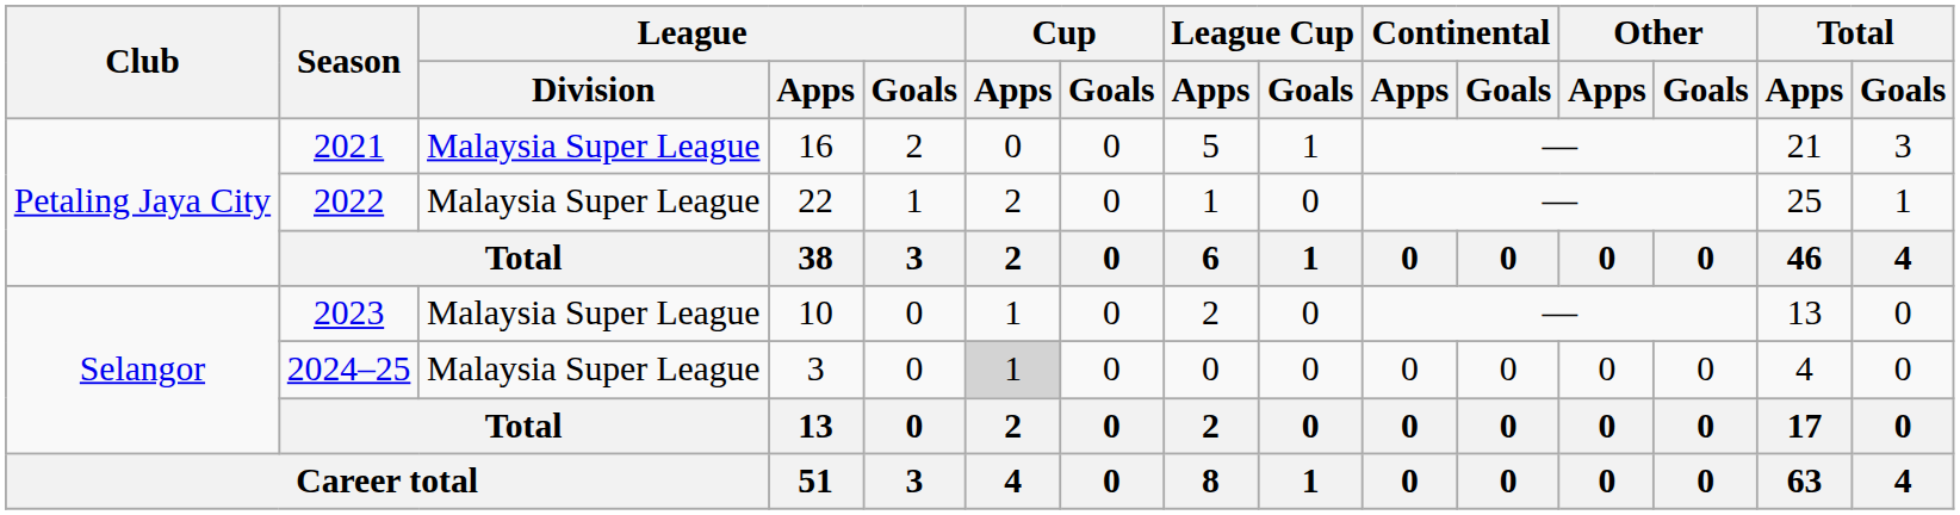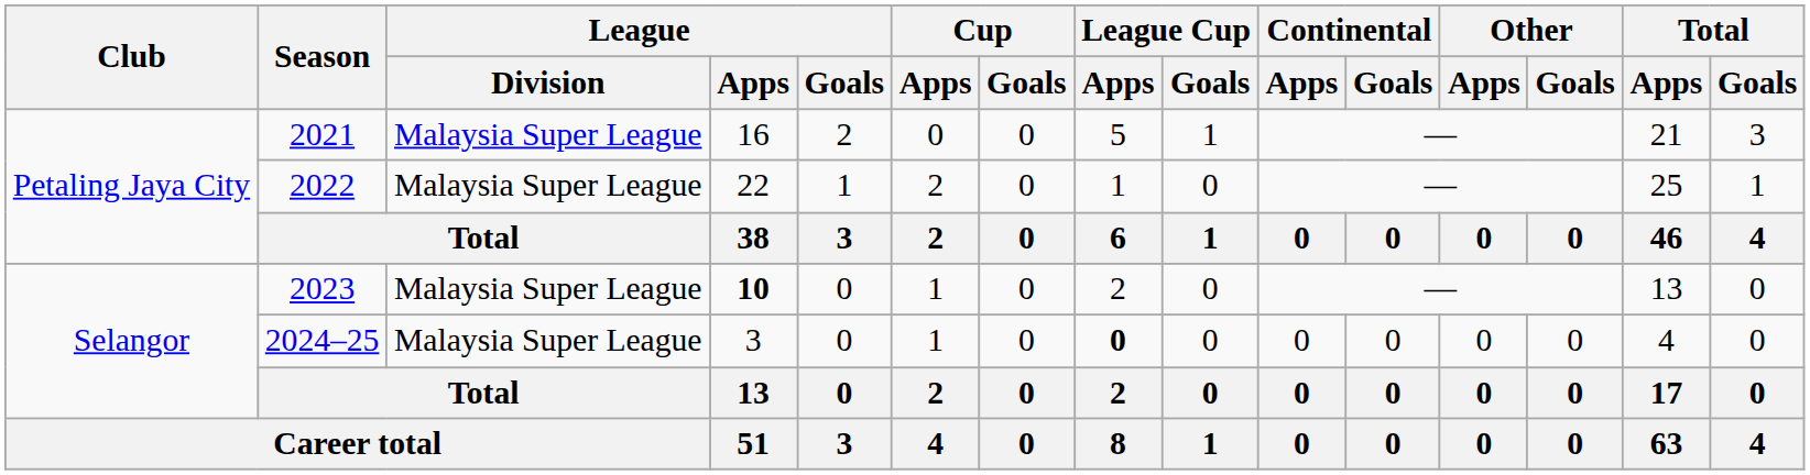 <table class="wikitable" style="text-align: center;">
 <tr>
 <th rowspan="2">Club</th>
 <th rowspan="2">Season</th>
 <th colspan="3">League</th>
 <th colspan="2">Cup</th>
 <th colspan="2">League Cup</th>
 <th colspan="2">Continental</th>
 <th colspan="2">Other</th>
 <th colspan="2">Total</th>
 </tr>
 <tr>
 <th>Division</th>
 <th>Apps</th>
 <th>Goals</th>
 <th>Apps</th>
 <th>Goals</th>
 <th>Apps</th>
 <th>Goals</th>
 <th>Apps</th>
 <th>Goals</th>
 <th>Apps</th>
 <th>Goals</th>
 <th>Apps</th>
 <th>Goals</th>
 </tr>
 <tr>
 <td rowspan="3" valign="center"><a href='#'>Petaling Jaya City</a></td>
 <td><a href='#'>2021</a></td>
 <td><a href='#'>Malaysia Super League</a></td>
 <td>16</td>
 <td>2</td>
 <td>0</td>
 <td>0</td>
 <td>5</td>
 <td>1</td>
 <td colspan=4>—</td>
 <td>21</td>
 <td>3</td>
 </tr>
 <tr>
 <td><a href='#'>2022</a></td>
 <td>Malaysia Super League</td>
 <td>22</td>
 <td>1</td>
 <td>2</td>
 <td>0</td>
 <td>1</td>
 <td>0</td>
 <td colspan=4>—</td>
 <td>25</td>
 <td>1</td>
 </tr>
 <tr>
 <th colspan="2">Total</th>
 <th>38</th>
 <th>3</th>
 <th>2</th>
 <th>0</th>
 <th>6</th>
 <th>1</th>
 <th>0</th>
 <th>0</th>
 <th>0</th>
 <th>0</th>
 <th>46</th>
 <th>4</th>
 </tr>
 <tr>
 <td rowspan="3" valign="center"><a href='#'>Selangor</a></td>
 <td><a href='#'>2023</a></td>
 <td>Malaysia Super League</td>
-<td>10</td>
+<td><strong>10</strong></td>
 <td>0</td>
 <td>1</td>
 <td>0</td>
 <td>2</td>
 <td>0</td>
 <td colspan=4>—</td>
 <td>13</td>
 <td>0</td>
 </tr>
 <tr>
 <td><a href='#'>2024–25</a></td>
 <td>Malaysia Super League</td>
 <td>3</td>
 <td>0</td>
-<td style="background: lightgrey;">1</td>
+<td>1</td>
 <td>0</td>
-<td>0</td>
+<td><strong>0</strong></td>
 <td>0</td>
 <td>0</td>
 <td>0</td>
 <td>0</td>
 <td>0</td>
 <td>4</td>
 <td>0</td>
 </tr>
 <tr>
 <th colspan="2">Total</th>
 <th>13</th>
 <th>0</th>
 <th>2</th>
 <th>0</th>
 <th>2</th>
 <th>0</th>
 <th>0</th>
 <th>0</th>
 <th>0</th>
 <th>0</th>
 <th>17</th>
 <th>0</th>
 </tr>
 <tr>
 <th colspan="3">Career total</th>
 <th>51</th>
 <th>3</th>
 <th>4</th>
 <th>0</th>
 <th>8</th>
 <th>1</th>
 <th>0</th>
 <th>0</th>
 <th>0</th>
 <th>0</th>
 <th>63</th>
 <th>4</th>
 </tr>
 </table>
